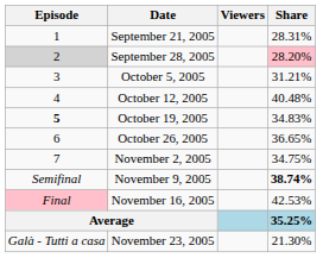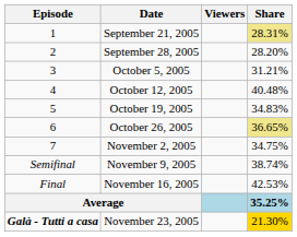 <table class="wikitable" style="text-align:center;">
 <tr>
 <th>Episode</th>
 <th>Date</th>
 <th>Viewers</th>
 <th>Share</th>
 </tr>
 <tr>
 <td>1</td>
 <td>September 21, 2005</td>
 <td></td>
-<td>28.31%</td>
+<td style="background: khaki;">28.31%</td>
 </tr>
 <tr>
-<td style="background: lightgrey;">2</td>
+<td>2</td>
 <td>September 28, 2005</td>
 <td></td>
-<td style="background: pink;">28.20%</td>
+<td>28.20%</td>
 </tr>
 <tr>
 <td>3</td>
 <td>October 5, 2005</td>
 <td></td>
 <td>31.21%</td>
 </tr>
 <tr>
 <td>4</td>
 <td>October 12, 2005</td>
 <td></td>
 <td>40.48%</td>
 </tr>
 <tr>
-<td><strong>5</strong></td>
+<td>5</td>
 <td>October 19, 2005</td>
 <td></td>
 <td>34.83%</td>
 </tr>
 <tr>
 <td>6</td>
 <td>October 26, 2005</td>
 <td></td>
-<td>36.65%</td>
+<td style="background: khaki;">36.65%</td>
 </tr>
 <tr>
 <td>7</td>
 <td>November 2, 2005</td>
 <td></td>
 <td>34.75%</td>
 </tr>
 <tr>
 <td><em>Semifinal</em></td>
 <td>November 9, 2005</td>
 <td></td>
-<td><strong>38.74%</strong></td>
+<td>38.74%</td>
 </tr>
 <tr>
-<td style="background: pink;"><em>Final</em></td>
+<td><em>Final</em></td>
 <td>November 16, 2005</td>
 <td></td>
 <td>42.53%</td>
 </tr>
 <tr>
 <th colspan="2">Average</th>
 <th style="background:lightblue"><strong></strong></th>
 <th style="background:lightblue"><strong>35.25%</strong></th>
 </tr>
 <tr>
-<td><em>Galà - Tutti a casa</em></td>
+<td><strong><em>Galà - Tutti a casa</em></strong></td>
 <td>November 23, 2005</td>
 <td></td>
-<td>21.30%</td>
+<td style="background: gold;">21.30%</td>
 </tr>
 </table>
